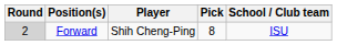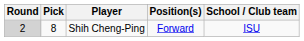 <table class="wikitable sortable sortable">
 <tr>
 <th>Round</th>
+<th>Pick</th>
+<th>Player</th>
 <th>Position(s)</th>
-<th>Player</th>
-<th>Pick</th>
 <th>School / Club team</th>
 </tr>
 <tr style="text-align: center">
 <td style="background: lightgrey;">2</td>
+<td>8</td>
+<td>Shih Cheng-Ping</td>
 <td><a href='#'>Forward</a></td>
-<td>Shih Cheng-Ping</td>
-<td>8</td>
 <td><a href='#'>ISU</a></td>
 </tr>
 </table>
